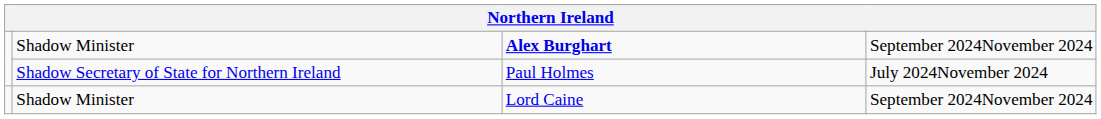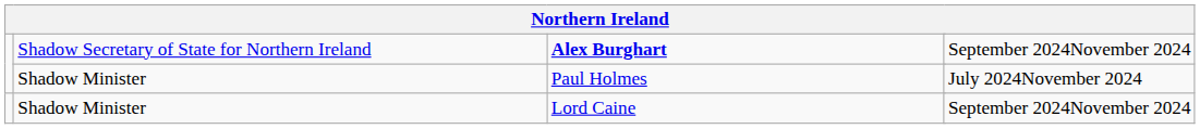 <table class="wikitable">
 <tr>
 <th colspan="5"><a href='#'>Northern Ireland</a></th>
 </tr>
 <tr>
 <td rowspan="2" style="background: "></td>
-<td>Shadow Minister</td>
+<td style="width: 450px;"><a href='#'>Shadow Secretary of State for Northern Ireland</a></td>
 <td colspan="2" style="width: 333px;"><strong><a href='#'>Alex Burghart</a></strong></td>
 <td>September 2024November 2024</td>
 </tr>
 <tr>
-<td style="width: 450px;"><a href='#'>Shadow Secretary of State for Northern Ireland</a></td>
+<td>Shadow Minister</td>
 <td colspan="2"><a href='#'>Paul Holmes</a><br></td>
 <td>July 2024November 2024</td>
 </tr>
 <tr>
 <td style="background: "></td>
 <td>Shadow Minister</td>
 <td colspan="2"><a href='#'>Lord Caine</a></td>
 <td>September 2024November 2024</td>
 </tr>
 </table>
